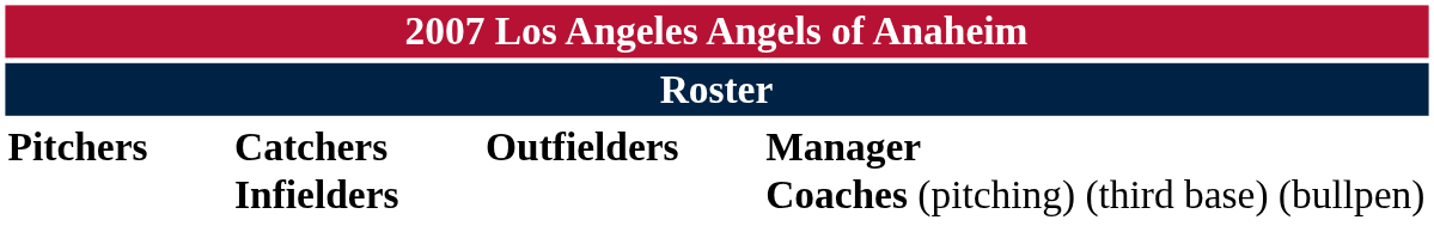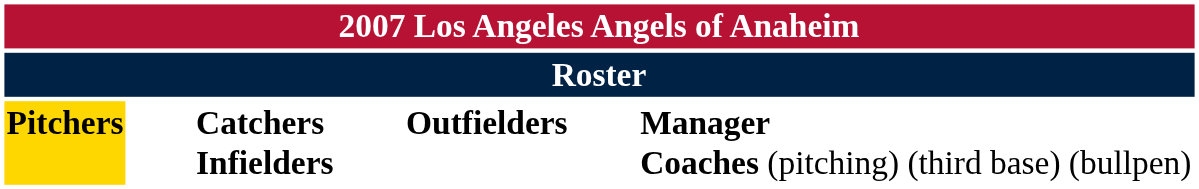 <table class="toccolours" style="font-size: 95%;">
 <tr>
 <th colspan="10" style="background-color: #B71234; color: white; text-align: center;">2007 Los Angeles Angels of Anaheim</th>
 </tr>
 <tr>
 <td colspan="10" style="background-color:#002244; color: white; text-align: center;"><strong>Roster</strong></td>
 </tr>
 <tr>
-<td valign="top"><strong>Pitchers</strong><br>                 </td>
+<td valign="top" style="background: gold;"><strong>Pitchers</strong><br>                 </td>
 <td width="25px"></td>
 <td valign="top"><strong>Catchers</strong><br>    <strong>Infielders</strong>           </td>
 <td width="25px"></td>
 <td valign="top"><strong>Outfielders</strong><br>        </td>
 <td width="25px"></td>
 <td valign="top"><strong>Manager</strong><br> <strong>Coaches</strong>  (pitching)  (third base)    (bullpen) </td>
 </tr>
 </table>
